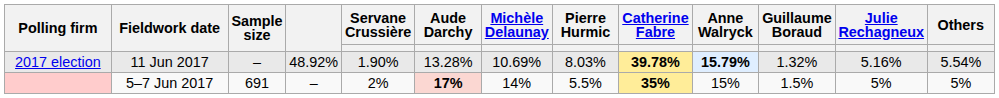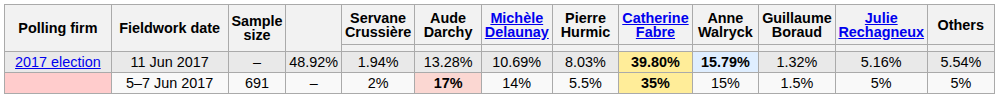 <table class="wikitable sortable" style="text-align:center;font-size:90%;line-height:14px;">
 <tr style="height:40px;">
 <th style="width:100px;" rowspan="2">Polling firm</th>
 <th style="width:110px;" rowspan="2">Fieldwork date</th>
 <th style="width:35px;" rowspan="2">Sample<br>size</th>
 <th style="width:30px;" rowspan="2"></th>
 <th class="unsortable" style="width:60px;">Servane Crussière<br></th>
 <th class="unsortable" style="width:60px;">Aude Darchy<br></th>
 <th class="unsortable" style="width:60px;"><a href='#'>Michèle Delaunay</a><br></th>
 <th class="unsortable" style="width:60px;">Pierre Hurmic<br></th>
 <th class="unsortable" style="width:60px;"><a href='#'>Catherine Fabre</a><br></th>
 <th class="unsortable" style="width:60px;">Anne Walryck<br></th>
 <th class="unsortable" style="width:60px;">Guillaume Boraud<br></th>
 <th class="unsortable" style="width:60px;"><a href='#'>Julie Rechagneux</a><br></th>
 <th class="unsortable" style="width:60px;">Others</th>
 </tr>
 <tr>
 <th style="background:"></th>
 <th style="background:"></th>
 <th style="background:"></th>
 <th style="background:"></th>
 <th style="background:"></th>
 <th style="background:"></th>
 <th style="background:"></th>
 <th style="background:"></th>
 <th style="background:"></th>
 </tr>
 <tr style="background:#E9E9E9;">
 <td><a href='#'>2017 election</a></td>
 <td data-sort-value="2017-06-11">11 Jun 2017</td>
 <td>–</td>
 <td>48.92%</td>
-<td>1.90%</td>
+<td>1.94%</td>
 <td>13.28%</td>
 <td>10.69%</td>
 <td>8.03%</td>
-<td style="background:#FFED99;"><strong>39.78%</strong></td>
+<td style="background:#FFED99;"><strong>39.80%</strong></td>
 <td style="background:#DFEEFF;"><strong>15.79%</strong></td>
 <td>1.32%</td>
 <td>5.16%</td>
 <td>5.54%</td>
 </tr>
 <tr>
 <td style="background:#FFCCCC;"></td>
 <td data-sort-value="2017-06-07">5–7 Jun 2017</td>
 <td>691</td>
 <td>–</td>
 <td>2%</td>
 <td style="background:#FBD7D2;"><strong>17%</strong></td>
 <td>14%</td>
 <td>5.5%</td>
 <td style="background:#FFED99;"><strong>35%</strong></td>
 <td>15%</td>
 <td>1.5%</td>
 <td>5%</td>
 <td>5%</td>
 </tr>
 </table>
